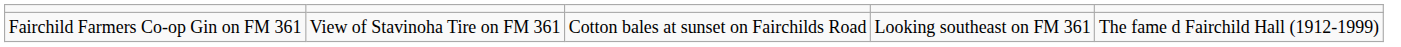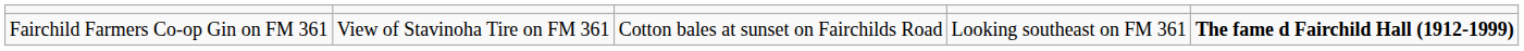 <table class="wikitable sortable mw-collapsible" cellpadding="4" cellspacing="2" border="1" style="border-collapse:collapse;">
 <tr>
 <td></td>
 <td></td>
 <td></td>
 <td></td>
 <td></td>
 </tr>
 <tr>
 <td>Fairchild Farmers Co-op Gin on FM 361</td>
 <td>View of Stavinoha Tire on FM 361</td>
 <td>Cotton bales at sunset on Fairchilds Road</td>
 <td>Looking southeast on FM 361</td>
-<td>The  fame d Fairchild Hall (1912-1999)</td>
+<td><strong>The  fame d Fairchild Hall (1912-1999)</strong></td>
 </tr>
 </table>
